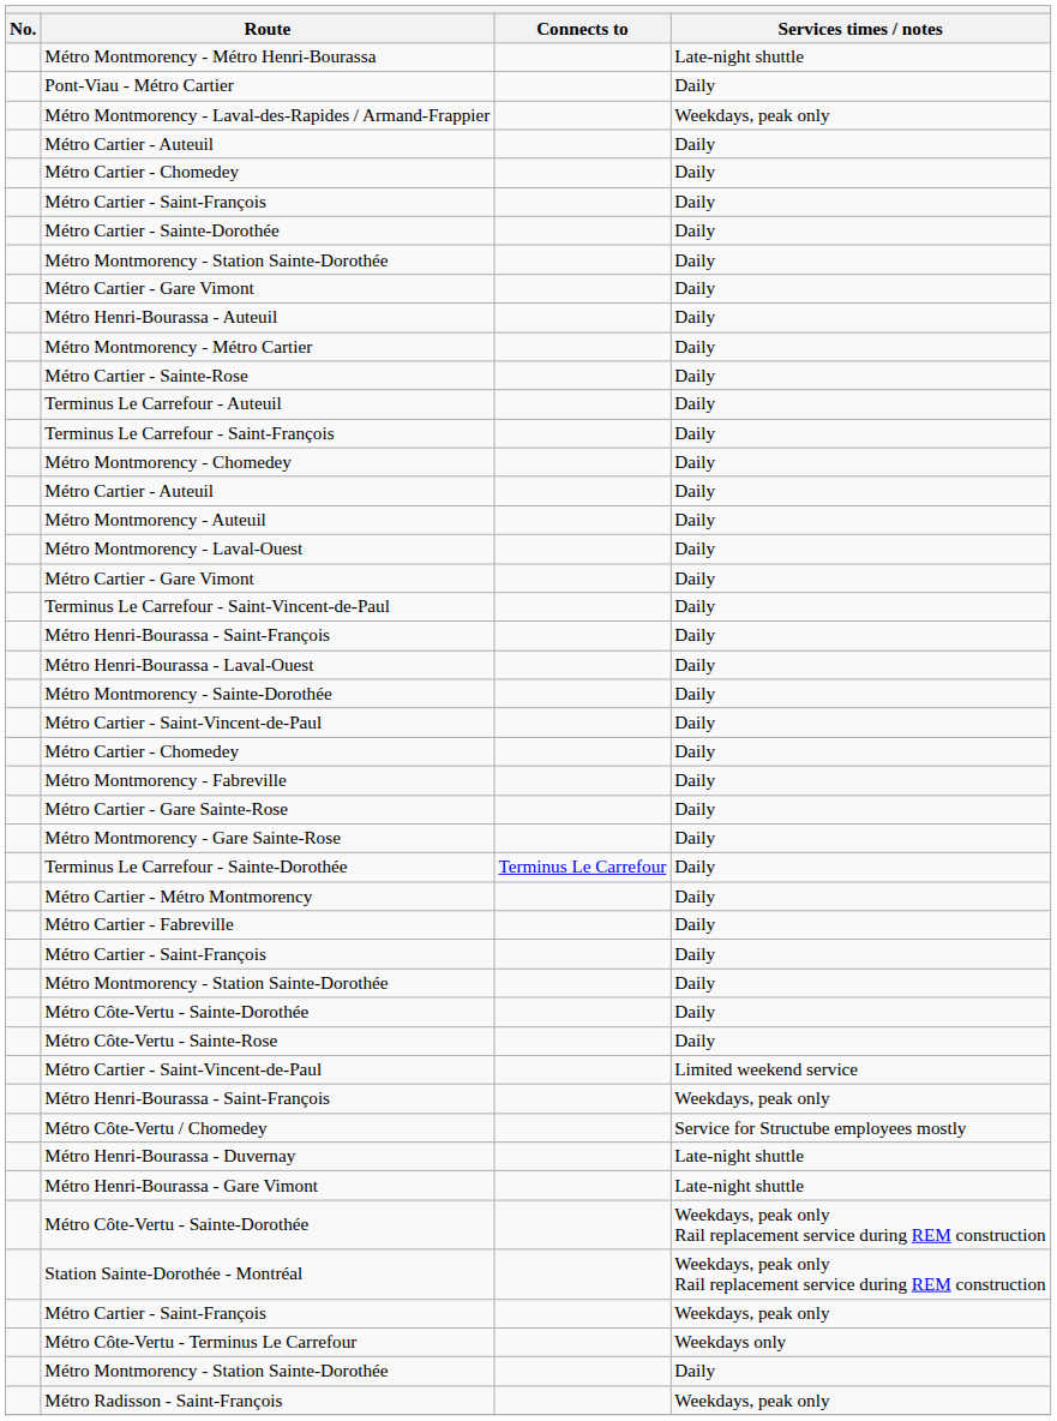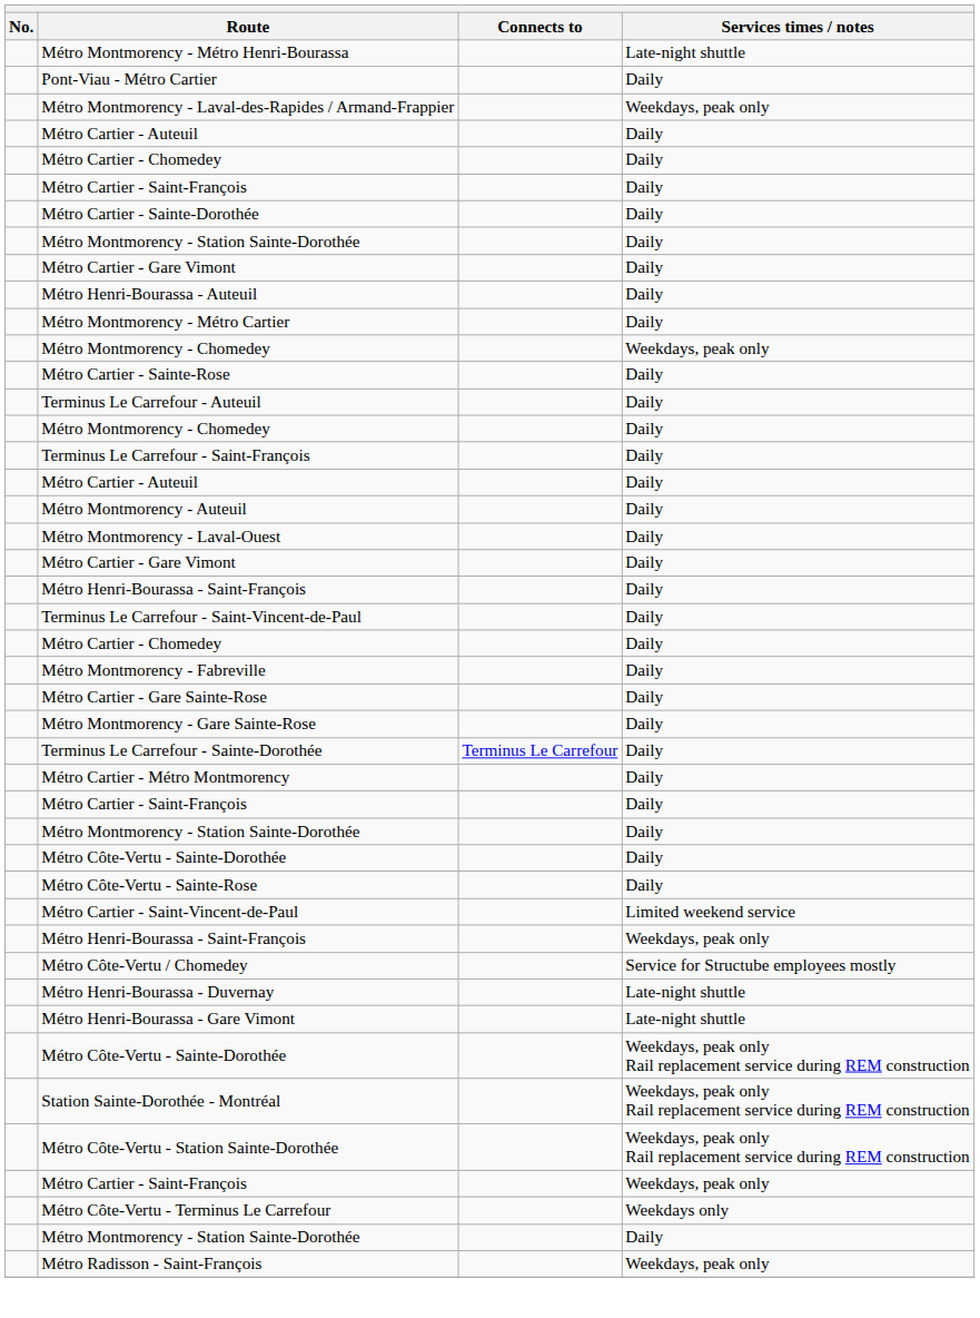 <table class="wikitable">
 <tr>
 <th colspan="4" style="background: #"></th>
 </tr>
 <tr>
 <th>No.</th>
 <th>Route</th>
 <th>Connects to</th>
 <th>Services times / notes</th>
 </tr>
 <tr>
 <td></td>
 <td>Métro Montmorency - Métro Henri-Bourassa</td>
 <td></td>
 <td>Late-night shuttle</td>
 </tr>
 <tr>
 <td></td>
 <td>Pont-Viau - Métro Cartier</td>
 <td> </td>
 <td>Daily</td>
 </tr>
 <tr>
 <td></td>
 <td>Métro Montmorency - Laval-des-Rapides / Armand-Frappier</td>
 <td> </td>
 <td>Weekdays, peak only</td>
 </tr>
 <tr>
 <td></td>
 <td>Métro Cartier - Auteuil</td>
 <td> </td>
 <td>Daily</td>
 </tr>
 <tr>
 <td></td>
 <td>Métro Cartier - Chomedey</td>
 <td> </td>
 <td>Daily</td>
 </tr>
 <tr>
 <td></td>
 <td>Métro Cartier - Saint-François</td>
 <td> </td>
 <td>Daily</td>
 </tr>
 <tr>
 <td></td>
 <td>Métro Cartier - Sainte-Dorothée</td>
 <td> </td>
 <td>Daily</td>
 </tr>
 <tr>
 <td></td>
 <td>Métro Montmorency - Station Sainte-Dorothée</td>
 <td></td>
 <td>Daily</td>
 </tr>
 <tr>
 <td></td>
 <td>Métro Cartier - Gare Vimont</td>
 <td></td>
 <td>Daily</td>
 </tr>
 <tr>
 <td></td>
 <td>Métro Henri-Bourassa - Auteuil</td>
 <td></td>
 <td>Daily</td>
 </tr>
 <tr>
 <td></td>
 <td>Métro Montmorency - Métro Cartier</td>
 <td></td>
 <td>Daily</td>
 </tr>
 <tr>
 <td></td>
+<td>Métro Montmorency - Chomedey</td>
+<td> </td>
+<td>Weekdays, peak only</td>
+</tr>
+<tr>
+<td></td>
 <td>Métro Cartier - Sainte-Rose</td>
 <td></td>
 <td>Daily</td>
 </tr>
 <tr>
 <td></td>
 <td>Terminus Le Carrefour - Auteuil</td>
 <td></td>
 <td>Daily</td>
 </tr>
 <tr>
 <td></td>
-<td>Terminus Le Carrefour - Saint-François</td>
-<td></td>
+<td>Métro Montmorency - Chomedey</td>
+<td> </td>
 <td>Daily</td>
 </tr>
 <tr>
 <td></td>
-<td>Métro Montmorency - Chomedey</td>
-<td> </td>
+<td>Terminus Le Carrefour - Saint-François</td>
+<td></td>
 <td>Daily</td>
 </tr>
 <tr>
 <td></td>
 <td>Métro Cartier - Auteuil</td>
 <td> </td>
 <td>Daily</td>
 </tr>
 <tr>
 <td></td>
 <td>Métro Montmorency - Auteuil</td>
 <td></td>
 <td>Daily</td>
 </tr>
 <tr>
 <td></td>
 <td>Métro Montmorency - Laval-Ouest</td>
 <td> </td>
 <td>Daily</td>
 </tr>
 <tr>
 <td></td>
 <td>Métro Cartier - Gare Vimont</td>
 <td></td>
 <td>Daily</td>
 </tr>
 <tr>
 <td></td>
-<td>Terminus Le Carrefour - Saint-Vincent-de-Paul</td>
-<td></td>
-<td>Daily</td>
-</tr>
-<tr>
-<td></td>
 <td>Métro Henri-Bourassa - Saint-François</td>
 <td></td>
 <td>Daily</td>
 </tr>
 <tr>
 <td></td>
-<td>Métro Henri-Bourassa - Laval-Ouest</td>
-<td></td>
-<td>Daily</td>
-</tr>
-<tr>
-<td></td>
-<td>Métro Montmorency - Sainte-Dorothée</td>
-<td></td>
-<td>Daily</td>
-</tr>
-<tr>
-<td></td>
-<td>Métro Cartier - Saint-Vincent-de-Paul</td>
+<td>Terminus Le Carrefour - Saint-Vincent-de-Paul</td>
 <td></td>
 <td>Daily</td>
 </tr>
 <tr>
 <td></td>
 <td>Métro Cartier - Chomedey</td>
 <td></td>
 <td>Daily</td>
 </tr>
 <tr>
 <td></td>
 <td>Métro Montmorency - Fabreville</td>
 <td></td>
 <td>Daily</td>
 </tr>
 <tr>
 <td></td>
 <td>Métro Cartier - Gare Sainte-Rose</td>
 <td></td>
 <td>Daily</td>
 </tr>
 <tr>
 <td></td>
 <td>Métro Montmorency - Gare Sainte-Rose</td>
 <td></td>
 <td>Daily</td>
 </tr>
 <tr>
 <td></td>
 <td>Terminus Le Carrefour - Sainte-Dorothée</td>
 <td> <a href='#'>Terminus Le Carrefour</a></td>
 <td>Daily</td>
 </tr>
 <tr>
 <td></td>
 <td>Métro Cartier - Métro Montmorency</td>
-<td></td>
-<td>Daily</td>
-</tr>
-<tr>
-<td></td>
-<td>Métro Cartier - Fabreville</td>
 <td></td>
 <td>Daily</td>
 </tr>
 <tr>
 <td></td>
 <td>Métro Cartier - Saint-François</td>
 <td> </td>
 <td>Daily</td>
 </tr>
 <tr>
 <td></td>
 <td>Métro Montmorency - Station Sainte-Dorothée</td>
 <td></td>
 <td>Daily</td>
 </tr>
 <tr>
 <td></td>
 <td>Métro Côte-Vertu - Sainte-Dorothée</td>
 <td></td>
 <td>Daily</td>
 </tr>
 <tr>
 <td></td>
 <td>Métro Côte-Vertu - Sainte-Rose</td>
 <td></td>
 <td>Daily</td>
 </tr>
 <tr>
 <td></td>
 <td>Métro Cartier - Saint-Vincent-de-Paul</td>
 <td> </td>
 <td>Limited weekend service</td>
 </tr>
 <tr>
 <td></td>
 <td>Métro Henri-Bourassa - Saint-François</td>
 <td></td>
 <td>Weekdays, peak only</td>
 </tr>
 <tr>
 <td></td>
 <td>Métro Côte-Vertu / Chomedey</td>
 <td> </td>
 <td>Service for Structube employees mostly</td>
 </tr>
 <tr>
 <td></td>
 <td>Métro Henri-Bourassa - Duvernay</td>
 <td></td>
 <td>Late-night shuttle</td>
 </tr>
 <tr>
 <td></td>
 <td>Métro Henri-Bourassa - Gare Vimont</td>
 <td></td>
 <td>Late-night shuttle</td>
 </tr>
 <tr>
 <td></td>
 <td>Métro Côte-Vertu - Sainte-Dorothée</td>
 <td></td>
 <td>Weekdays, peak only<br>Rail replacement service during <a href='#'>REM</a> construction</td>
 </tr>
 <tr>
 <td></td>
 <td>Station Sainte-Dorothée - Montréal</td>
 <td></td>
 <td>Weekdays, peak only<br>Rail replacement service during <a href='#'>REM</a> construction</td>
 </tr>
 <tr>
 <td></td>
+<td>Métro Côte-Vertu - Station Sainte-Dorothée</td>
+<td></td>
+<td>Weekdays, peak only<br>Rail replacement service during <a href='#'>REM</a> construction</td>
+</tr>
+<tr>
+<td></td>
 <td>Métro Cartier - Saint-François</td>
 <td> </td>
 <td>Weekdays, peak only</td>
 </tr>
 <tr>
 <td></td>
 <td>Métro Côte-Vertu - Terminus Le Carrefour</td>
 <td></td>
 <td>Weekdays only</td>
 </tr>
 <tr>
 <td></td>
 <td>Métro Montmorency - Station Sainte-Dorothée</td>
 <td></td>
 <td>Daily</td>
 </tr>
 <tr>
 <td></td>
 <td>Métro Radisson - Saint-François</td>
 <td> </td>
 <td>Weekdays, peak only</td>
 </tr>
 <tr>
 </tr>
 </table>
